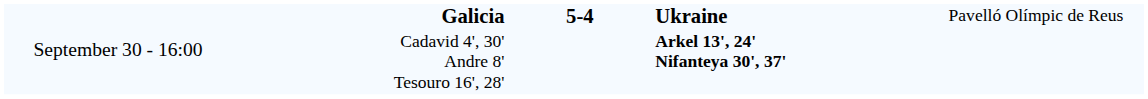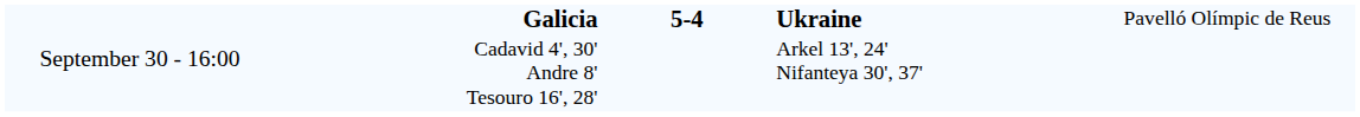 <table style="width: 100%; background:#F5FAFF;" cellspacing="0">
 <tr>
 <td style=font-size:95% align=center rowspan=3 width=20%>September 30 - 16:00</td>
 </tr>
 <tr>
 <td width=24% align=right><strong>Galicia</strong></td>
 <td align=center width=13%><strong>5-4</strong></td>
 <td width=24%><strong>Ukraine</strong></td>
 <td style=font-size:85% rowspan=3 valign=top align=center>Pavelló Olímpic de Reus</td>
 </tr>
 <tr style=font-size:85%>
 <td align=right valign=top>Cadavid 4', 30'<br>Andre 8'<br>Tesouro 16', 28'</td>
 <td></td>
-<td valign=top><strong>Arkel 13', 24'<br>Nifanteya 30', 37'</strong></td>
+<td valign=top>Arkel 13', 24'<br>Nifanteya 30', 37'</td>
 </tr>
 </table>
